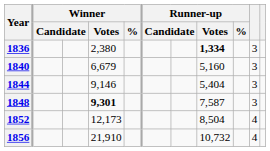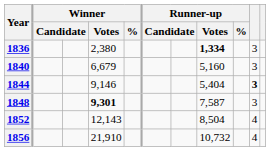 <table class="wikitable sortable">
 <tr>
 <th scope=col rowspan="2">Year</th>
 <th colspan="4" scope="col" style="border-left:3px solid darkgray;">Winner</th>
 <th colspan="4" scope="col" style="border-left:3px solid darkgray;">Runner-up</th>
 <th scope="col" rowspan="2"></th>
 <th scope="col" class="unsortable" rowspan="2"></th>
 </tr>
 <tr>
 <th scope="col" style="border-left:3px solid darkgray;" colspan="2">Candidate</th>
 <th scope="col" data-sort-type="number">Votes</th>
 <th scope="col">%</th>
 <th scope="col" style="border-left:3px solid darkgray;" colspan="2">Candidate</th>
 <th scope="col" data-sort-type="number">Votes</th>
 <th scope="col">%</th>
 </tr>
 <tr>
 <th scope="row"> <a href='#'>1836</a></th>
 <td style="text-align:left; border-left:3px solid darkgray; background-color:"></td>
 <td><strong></strong> </td>
 <td>2,380</td>
 <td></td>
 <td style="text-align:left; border-left:3px solid darkgray; background-color:"></td>
 <td> </td>
 <td><strong>1,334</strong></td>
 <td></td>
 <td>3</td>
 <td></td>
 </tr>
 <tr>
 <th scope="row"> <a href='#'>1840</a></th>
 <td style="text-align:left; border-left:3px solid darkgray; background-color:"></td>
 <td><strong></strong> </td>
 <td>6,679</td>
 <td></td>
 <td style="text-align:left; border-left:3px solid darkgray; background-color:"></td>
 <td> </td>
 <td>5,160</td>
 <td></td>
 <td>3</td>
 <td></td>
 </tr>
 <tr>
 <th scope="row"> <a href='#'>1844</a></th>
 <td style="text-align:left; border-left:3px solid darkgray; background-color:"></td>
 <td><strong></strong> </td>
 <td>9,146</td>
 <td></td>
 <td style="text-align:left; border-left:3px solid darkgray; background-color:"></td>
 <td> </td>
 <td>5,404</td>
 <td></td>
-<td>3</td>
+<td><strong>3</strong></td>
 <td></td>
 </tr>
 <tr>
 <th scope="row"> <a href='#'>1848</a></th>
 <td style="text-align:left; border-left:3px solid darkgray; background-color:"></td>
 <td><strong></strong> </td>
 <td><strong>9,301</strong></td>
 <td></td>
 <td style="text-align:left; border-left:3px solid darkgray; background-color:"></td>
 <td> </td>
 <td>7,587</td>
 <td></td>
 <td>3</td>
 <td></td>
 </tr>
 <tr>
 <th scope="row"> <a href='#'>1852</a></th>
 <td style="text-align:left; border-left:3px solid darkgray; background-color:"></td>
 <td><strong></strong> </td>
-<td>12,173</td>
+<td>12,143</td>
 <td></td>
 <td style="text-align:left; border-left:3px solid darkgray; background-color:"></td>
 <td> </td>
 <td>8,504</td>
 <td></td>
 <td>4</td>
 <td></td>
 </tr>
 <tr>
 <th scope="row"> <a href='#'>1856</a></th>
 <td style="text-align:left; border-left:3px solid darkgray; background-color:"></td>
 <td><strong></strong> </td>
 <td>21,910</td>
 <td></td>
 <td style="text-align:left; border-left:3px solid darkgray; background-color:"></td>
 <td> </td>
 <td>10,732</td>
 <td></td>
 <td>4</td>
 <td></td>
 </tr>
 </table>
